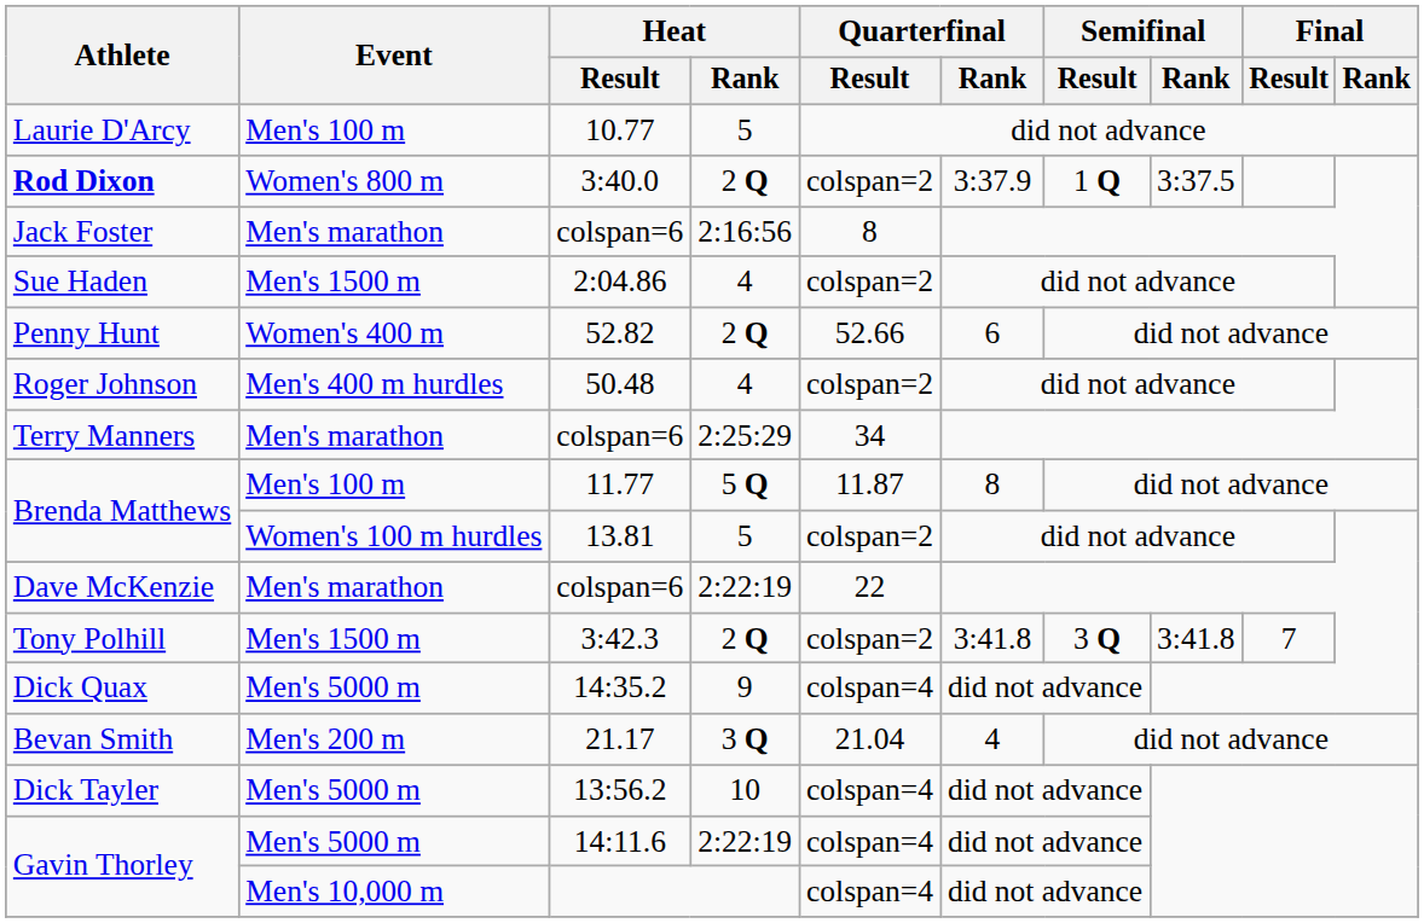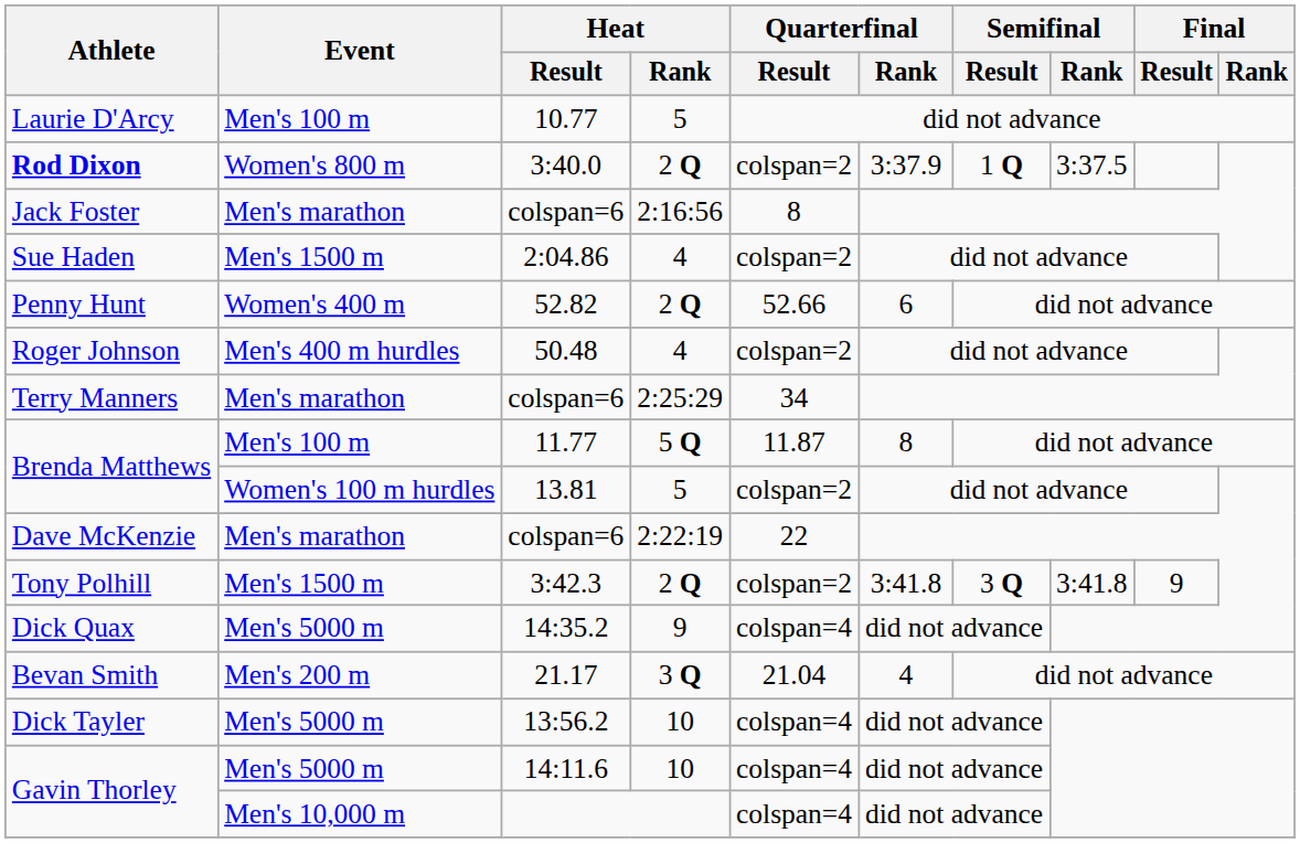 <table class=wikitable style=font-size:90%>
 <tr>
 <th rowspan=2>Athlete</th>
 <th rowspan=2>Event</th>
 <th colspan=2>Heat</th>
 <th colspan=2>Quarterfinal</th>
 <th colspan=2>Semifinal</th>
 <th colspan=2>Final</th>
 </tr>
 <tr style=font-size:95%>
 <th>Result</th>
 <th>Rank</th>
 <th>Result</th>
 <th>Rank</th>
 <th>Result</th>
 <th>Rank</th>
 <th>Result</th>
 <th>Rank</th>
 </tr>
 <tr align=center>
 <td align=left><a href='#'>Laurie D'Arcy</a></td>
 <td align=left><a href='#'>Men's 100 m</a></td>
 <td>10.77</td>
 <td>5</td>
 <td colspan=6>did not advance</td>
 </tr>
 <tr align=center>
 <td align=left><strong><a href='#'>Rod Dixon</a></strong></td>
 <td align=left><a href='#'>Women's 800 m</a></td>
 <td>3:40.0</td>
 <td>2 <strong>Q</strong></td>
 <td>colspan=2 </td>
 <td>3:37.9</td>
 <td>1 <strong>Q</strong></td>
 <td>3:37.5</td>
 <td></td>
 </tr>
 <tr align=center>
 <td align=left><a href='#'>Jack Foster</a></td>
 <td align=left><a href='#'>Men's marathon</a></td>
 <td>colspan=6 </td>
 <td>2:16:56</td>
 <td>8</td>
 </tr>
 <tr align=center>
 <td align=left><a href='#'>Sue Haden</a></td>
 <td align=left><a href='#'>Men's 1500 m</a></td>
 <td>2:04.86</td>
 <td>4</td>
 <td>colspan=2 </td>
 <td colspan=4>did not advance</td>
 </tr>
 <tr align=center>
 <td align=left><a href='#'>Penny Hunt</a></td>
 <td align=left><a href='#'>Women's 400 m</a></td>
 <td>52.82</td>
 <td>2 <strong>Q</strong></td>
 <td>52.66</td>
 <td>6</td>
 <td colspan=4>did not advance</td>
 </tr>
 <tr align=center>
 <td align=left><a href='#'>Roger Johnson</a></td>
 <td align=left><a href='#'>Men's 400 m hurdles</a></td>
 <td>50.48</td>
 <td>4</td>
 <td>colspan=2 </td>
 <td colspan=4>did not advance</td>
 </tr>
 <tr align=center>
 <td align=left><a href='#'>Terry Manners</a></td>
 <td align=left><a href='#'>Men's marathon</a></td>
 <td>colspan=6 </td>
 <td>2:25:29</td>
 <td>34</td>
 </tr>
 <tr align=center>
 <td align=left rowspan=2><a href='#'>Brenda Matthews</a></td>
 <td align=left><a href='#'>Men's 100 m</a></td>
 <td>11.77</td>
 <td>5 <strong>Q</strong></td>
 <td>11.87</td>
 <td>8</td>
 <td colspan=4>did not advance</td>
 </tr>
 <tr align=center>
 <td align=left><a href='#'>Women's 100 m hurdles</a></td>
 <td>13.81</td>
 <td>5</td>
 <td>colspan=2 </td>
 <td colspan=4>did not advance</td>
 </tr>
 <tr align=center>
 <td align=left><a href='#'>Dave McKenzie</a></td>
 <td align=left><a href='#'>Men's marathon</a></td>
 <td>colspan=6 </td>
 <td>2:22:19</td>
 <td>22</td>
 </tr>
 <tr align=center>
 <td align=left><a href='#'>Tony Polhill</a></td>
 <td align=left><a href='#'>Men's 1500 m</a></td>
 <td>3:42.3</td>
 <td>2 <strong>Q</strong></td>
 <td>colspan=2 </td>
 <td>3:41.8</td>
 <td>3 <strong>Q</strong></td>
 <td>3:41.8</td>
-<td>7</td>
+<td>9</td>
 </tr>
 <tr align=center>
 <td align=left><a href='#'>Dick Quax</a></td>
 <td align=left><a href='#'>Men's 5000 m</a></td>
 <td>14:35.2</td>
 <td>9</td>
 <td>colspan=4 </td>
 <td colspan=2>did not advance</td>
 </tr>
 <tr align=center>
 <td align=left><a href='#'>Bevan Smith</a></td>
 <td align=left><a href='#'>Men's 200 m</a></td>
 <td>21.17</td>
 <td>3 <strong>Q</strong></td>
 <td>21.04</td>
 <td>4</td>
 <td colspan=4>did not advance</td>
 </tr>
 <tr align=center>
 <td align=left><a href='#'>Dick Tayler</a></td>
 <td align=left><a href='#'>Men's 5000 m</a></td>
 <td>13:56.2</td>
 <td>10</td>
 <td>colspan=4 </td>
 <td colspan=2>did not advance</td>
 </tr>
 <tr align=center>
 <td align=left rowspan=2><a href='#'>Gavin Thorley</a></td>
 <td align=left><a href='#'>Men's 5000 m</a></td>
 <td>14:11.6</td>
-<td>2:22:19</td>
+<td>10</td>
 <td>colspan=4 </td>
 <td colspan=2>did not advance</td>
 </tr>
 <tr align=center>
 <td align=left><a href='#'>Men's 10,000 m</a></td>
 <td colspan=2></td>
 <td>colspan=4 </td>
 <td colspan=2>did not advance</td>
 </tr>
 </table>
